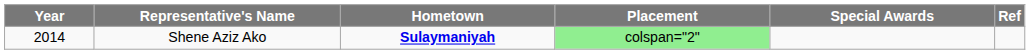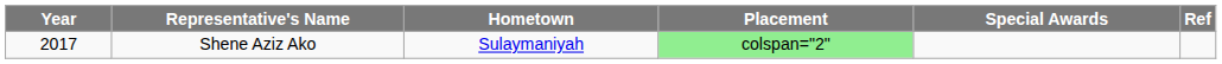 <table class="wikitable sortable" style="font-size: 85%; text-align:center">
 <tr>
 <th width="80" style="background-color:#787878;color:#FFFFFF;">Year</th>
 <th width="230" style="background-color:#787878;color:#FFFFFF;">Representative's Name</th>
 <th width="200" style="background-color:#787878;color:#FFFFFF;">Hometown</th>
 <th width="200" style="background-color:#787878;color:#FFFFFF;">Placement</th>
 <th width="210" style="background-color:#787878;color:#FFFFFF;">Special Awards</th>
 <th width="8" style="background-color:#787878;color:#FFFFFF;">Ref</th>
 </tr>
 <tr>
-<td>2014</td>
+<td>2017</td>
 <td>Shene Aziz Ako</td>
-<td><strong><a href='#'>Sulaymaniyah</a></strong></td>
+<td><a href='#'>Sulaymaniyah</a></td>
 <td style="background: lightgreen;">colspan="2" </td>
 <td></td>
 </tr>
 </table>
